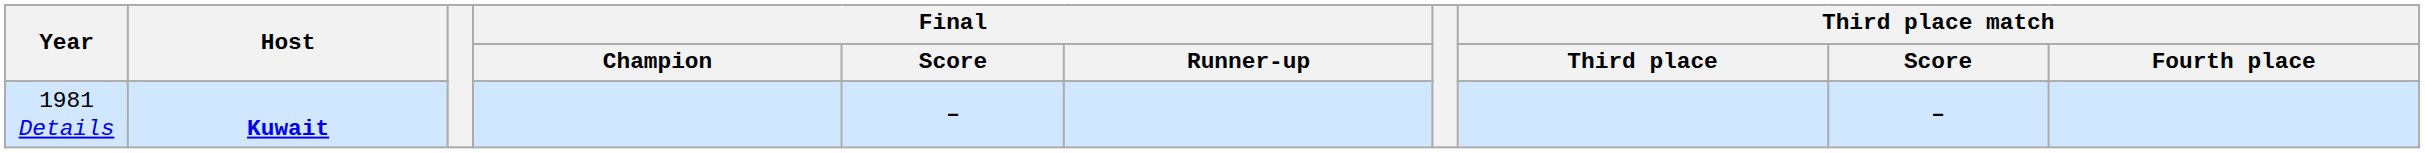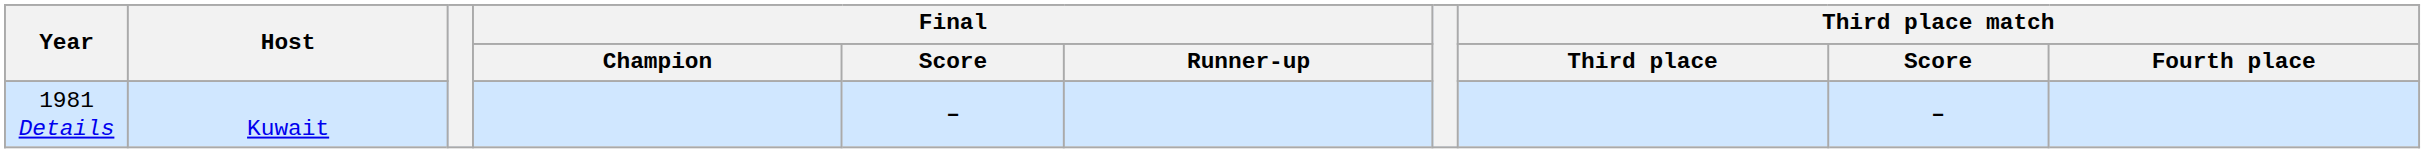 <table class="wikitable" style="font-size:90%; width: 98%; text-align: center;">
 <tr bgcolor=#C1D8FF>
 <th rowspan=2 width=5%>Year</th>
 <th rowspan=2 width=13%>Host</th>
 <th width=1% rowspan=33 bgcolor=ffffff></th>
 <th colspan=3>Final</th>
 <th width=1% rowspan=33 bgcolor=ffffff></th>
 <th colspan=3>Third place match</th>
 </tr>
 <tr bgcolor=#EFEFEF>
 <th width=15%>Champion</th>
 <th width=9%>Score</th>
 <th width=15%>Runner-up</th>
 <th width=15%>Third place</th>
 <th width=9%>Score</th>
 <th width=15%>Fourth place</th>
 </tr>
 <tr bgcolor=#D0E7FF>
 <td>1981<br><em><a href='#'>Details</a></em></td>
-<td><strong><br><a href='#'>Kuwait</a></strong></td>
+<td><br><a href='#'>Kuwait</a></td>
 <td><strong></strong></td>
 <td><strong> – </strong></td>
 <td></td>
 <td></td>
 <td><strong> – </strong></td>
 <td></td>
 </tr>
 </table>
